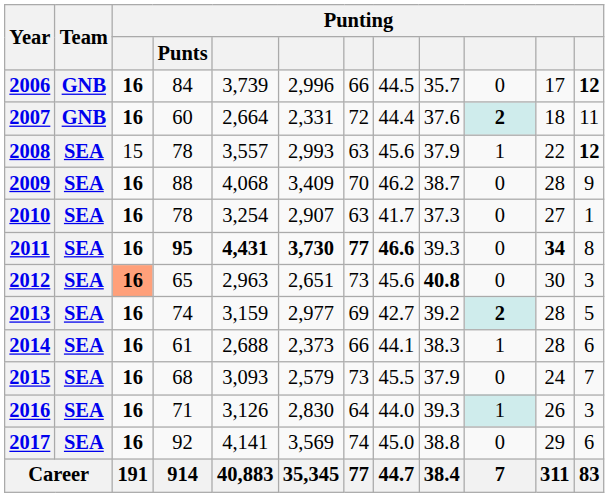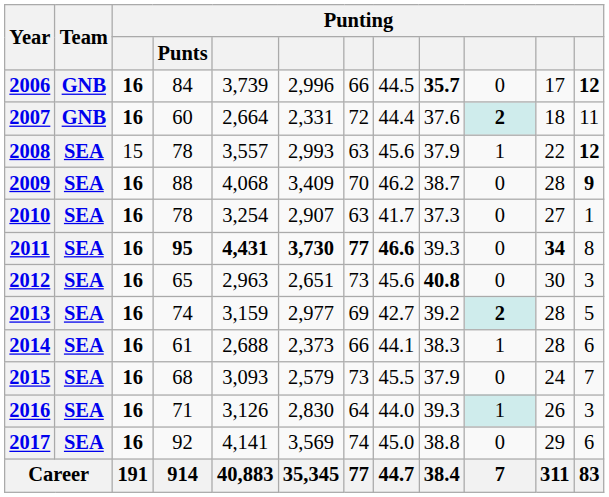 <table class=wikitable style="text-align:center;">
 <tr>
 <th rowspan="2">Year</th>
 <th rowspan="2">Team</th>
 <th colspan="10">Punting</th>
 </tr>
 <tr>
 <th></th>
 <th>Punts</th>
 <th></th>
 <th></th>
 <th></th>
 <th></th>
 <th></th>
 <th></th>
 <th></th>
 <th></th>
 </tr>
 <tr>
 <th><a href='#'>2006</a></th>
 <th><a href='#'>GNB</a></th>
 <td><strong>16</strong></td>
 <td>84</td>
 <td>3,739</td>
 <td>2,996</td>
 <td>66</td>
 <td>44.5</td>
-<td>35.7</td>
+<td><strong>35.7</strong></td>
 <td>0</td>
 <td>17</td>
 <td><strong>12</strong></td>
 </tr>
 <tr>
 <th><a href='#'>2007</a></th>
 <th><a href='#'>GNB</a></th>
 <td><strong>16</strong></td>
 <td>60</td>
 <td>2,664</td>
 <td>2,331</td>
 <td>72</td>
 <td>44.4</td>
 <td>37.6</td>
 <td style="background:#cfecec; width:3em;"><strong>2</strong></td>
 <td>18</td>
 <td>11</td>
 </tr>
 <tr>
 <th><a href='#'>2008</a></th>
 <th><a href='#'>SEA</a></th>
 <td>15</td>
 <td>78</td>
 <td>3,557</td>
 <td>2,993</td>
 <td>63</td>
 <td>45.6</td>
 <td>37.9</td>
 <td>1</td>
 <td>22</td>
 <td><strong>12</strong></td>
 </tr>
 <tr>
 <th><a href='#'>2009</a></th>
 <th><a href='#'>SEA</a></th>
 <td><strong>16</strong></td>
 <td>88</td>
 <td>4,068</td>
 <td>3,409</td>
 <td>70</td>
 <td>46.2</td>
 <td>38.7</td>
 <td>0</td>
 <td>28</td>
-<td>9</td>
+<td><strong>9</strong></td>
 </tr>
 <tr>
 <th><a href='#'>2010</a></th>
 <th><a href='#'>SEA</a></th>
 <td><strong>16</strong></td>
 <td>78</td>
 <td>3,254</td>
 <td>2,907</td>
 <td>63</td>
 <td>41.7</td>
 <td>37.3</td>
 <td>0</td>
 <td>27</td>
 <td>1</td>
 </tr>
 <tr>
 <th><a href='#'>2011</a></th>
 <th><a href='#'>SEA</a></th>
 <td><strong>16</strong></td>
 <td><strong>95</strong></td>
 <td><strong>4,431</strong></td>
 <td><strong>3,730</strong></td>
 <td><strong>77</strong></td>
 <td><strong>46.6</strong></td>
 <td>39.3</td>
 <td>0</td>
 <td><strong>34</strong></td>
 <td>8</td>
 </tr>
 <tr>
 <th><a href='#'>2012</a></th>
 <th><a href='#'>SEA</a></th>
-<td style="background: lightsalmon;"><strong>16</strong></td>
+<td><strong>16</strong></td>
 <td>65</td>
 <td>2,963</td>
 <td>2,651</td>
 <td>73</td>
 <td>45.6</td>
 <td><strong>40.8</strong></td>
 <td>0</td>
 <td>30</td>
 <td>3</td>
 </tr>
 <tr>
 <th><a href='#'>2013</a></th>
 <th><a href='#'>SEA</a></th>
 <td><strong>16</strong></td>
 <td>74</td>
 <td>3,159</td>
 <td>2,977</td>
 <td>69</td>
 <td>42.7</td>
 <td>39.2</td>
 <td style="background:#cfecec; width:3em;"><strong>2</strong></td>
 <td>28</td>
 <td>5</td>
 </tr>
 <tr>
 <th><a href='#'>2014</a></th>
 <th><a href='#'>SEA</a></th>
 <td><strong>16</strong></td>
 <td>61</td>
 <td>2,688</td>
 <td>2,373</td>
 <td>66</td>
 <td>44.1</td>
 <td>38.3</td>
 <td>1</td>
 <td>28</td>
 <td>6</td>
 </tr>
 <tr>
 <th><a href='#'>2015</a></th>
 <th><a href='#'>SEA</a></th>
 <td><strong>16</strong></td>
 <td>68</td>
 <td>3,093</td>
 <td>2,579</td>
 <td>73</td>
 <td>45.5</td>
 <td>37.9</td>
 <td>0</td>
 <td>24</td>
 <td>7</td>
 </tr>
 <tr>
 <th><a href='#'>2016</a></th>
 <th><a href='#'>SEA</a></th>
 <td><strong>16</strong></td>
 <td>71</td>
 <td>3,126</td>
 <td>2,830</td>
 <td>64</td>
 <td>44.0</td>
 <td>39.3</td>
 <td style="background:#cfecec; width:3em;">1</td>
 <td>26</td>
 <td>3</td>
 </tr>
 <tr>
 <th><a href='#'>2017</a></th>
 <th><a href='#'>SEA</a></th>
 <td><strong>16</strong></td>
 <td>92</td>
 <td>4,141</td>
 <td>3,569</td>
 <td>74</td>
 <td>45.0</td>
 <td>38.8</td>
 <td>0</td>
 <td>29</td>
 <td>6</td>
 </tr>
 <tr>
 <th colspan="2">Career</th>
 <th>191</th>
 <th>914</th>
 <th>40,883</th>
 <th>35,345</th>
 <th>77</th>
 <th>44.7</th>
 <th>38.4</th>
 <th>7</th>
 <th>311</th>
 <th>83</th>
 </tr>
 </table>
